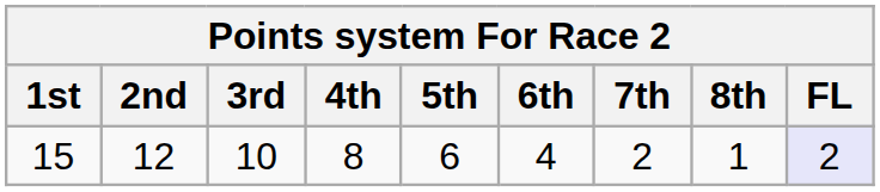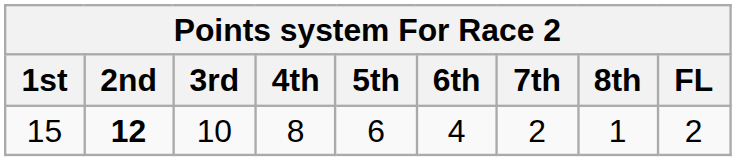 <table class="wikitable" style="font-size:85%; text-align:center">
 <tr>
 <th colspan="10">Points system For Race 2</th>
 </tr>
 <tr>
 <th> 1st </th>
 <th> 2nd </th>
 <th> 3rd </th>
 <th> 4th </th>
 <th> 5th </th>
 <th> 6th </th>
 <th> 7th </th>
 <th> 8th </th>
 <th> FL </th>
 </tr>
 <tr>
 <td>15</td>
-<td>12</td>
+<td><strong>12</strong></td>
 <td>10</td>
 <td>8</td>
 <td>6</td>
 <td>4</td>
 <td>2</td>
 <td>1</td>
-<td style="background: lavender;">2</td>
+<td>2</td>
 </tr>
 </table>
